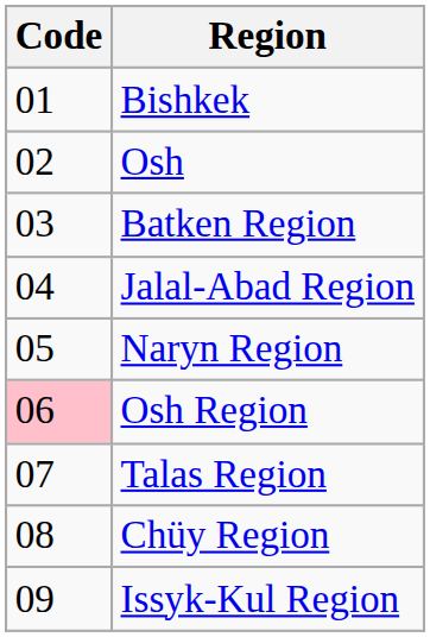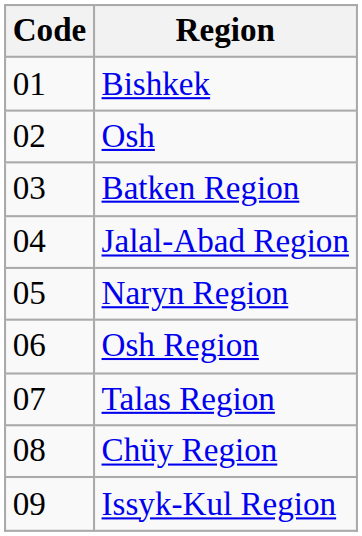 <table class="wikitable">
 <tr>
 <th>Code</th>
 <th>Region</th>
 </tr>
 <tr>
 <td>01</td>
 <td><a href='#'>Bishkek</a></td>
 </tr>
 <tr>
 <td>02</td>
 <td><a href='#'>Osh</a></td>
 </tr>
 <tr>
 <td>03</td>
 <td><a href='#'>Batken Region</a></td>
 </tr>
 <tr>
 <td>04</td>
 <td><a href='#'>Jalal-Abad Region</a></td>
 </tr>
 <tr>
 <td>05</td>
 <td><a href='#'>Naryn Region</a></td>
 </tr>
 <tr>
-<td style="background: pink;">06</td>
+<td>06</td>
 <td><a href='#'>Osh Region</a></td>
 </tr>
 <tr>
 <td>07</td>
 <td><a href='#'>Talas Region</a></td>
 </tr>
 <tr>
 <td>08</td>
 <td><a href='#'>Chüy Region</a></td>
 </tr>
 <tr>
 <td>09</td>
 <td><a href='#'>Issyk-Kul Region</a></td>
 </tr>
 </table>
